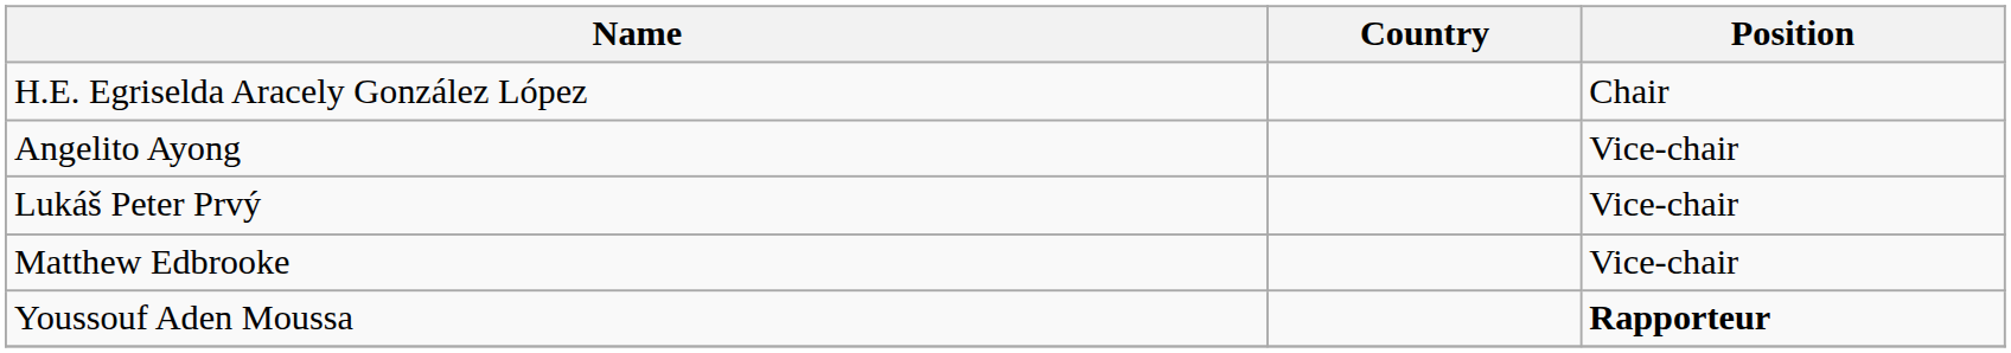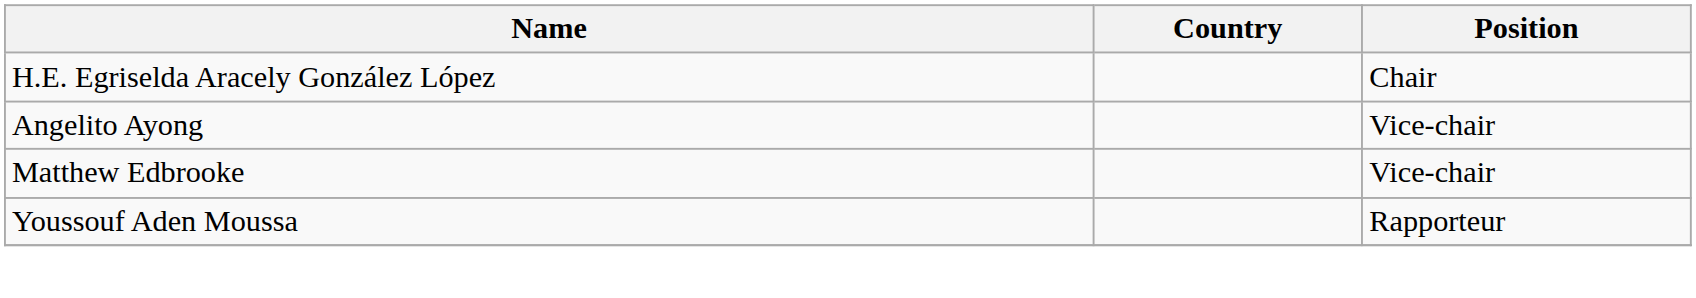 <table class="wikitable" style="display: inline-table; width: 45%">
 <tr>
 <th>Name</th>
 <th>Country</th>
 <th>Position</th>
 </tr>
 <tr>
 <td>H.E. Egriselda Aracely González López</td>
 <td></td>
 <td>Chair</td>
 </tr>
 <tr>
 <td>Angelito Ayong</td>
 <td></td>
 <td>Vice-chair</td>
 </tr>
 <tr>
-<td>Lukáš Peter Prvý</td>
-<td></td>
-<td>Vice-chair</td>
-</tr>
-<tr>
 <td>Matthew Edbrooke</td>
 <td></td>
 <td>Vice-chair</td>
 </tr>
 <tr>
 <td>Youssouf Aden Moussa</td>
 <td></td>
-<td><strong>Rapporteur</strong></td>
+<td>Rapporteur</td>
 </tr>
 <tr>
 </tr>
 </table>
